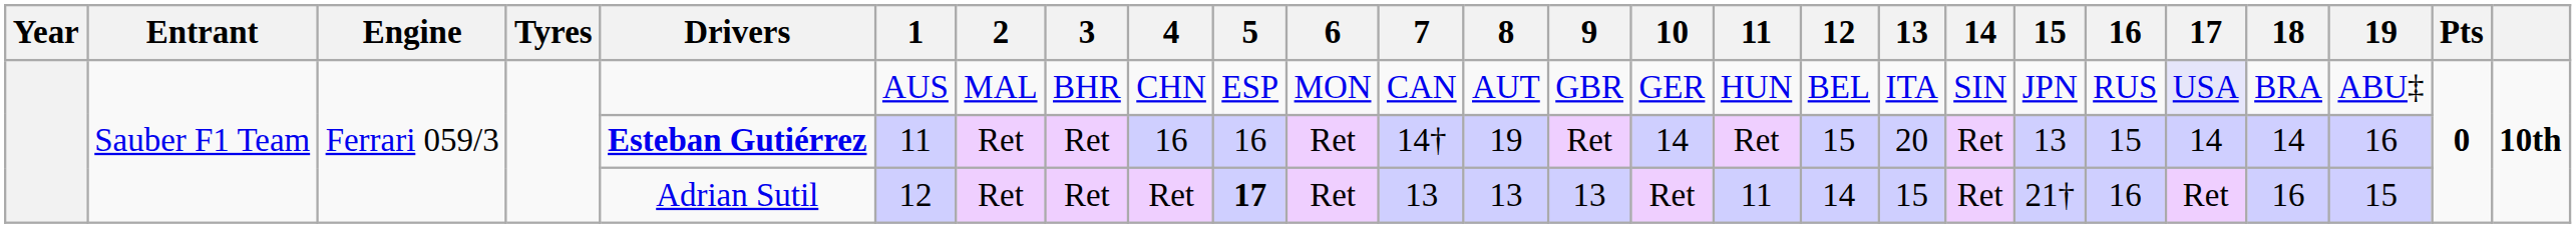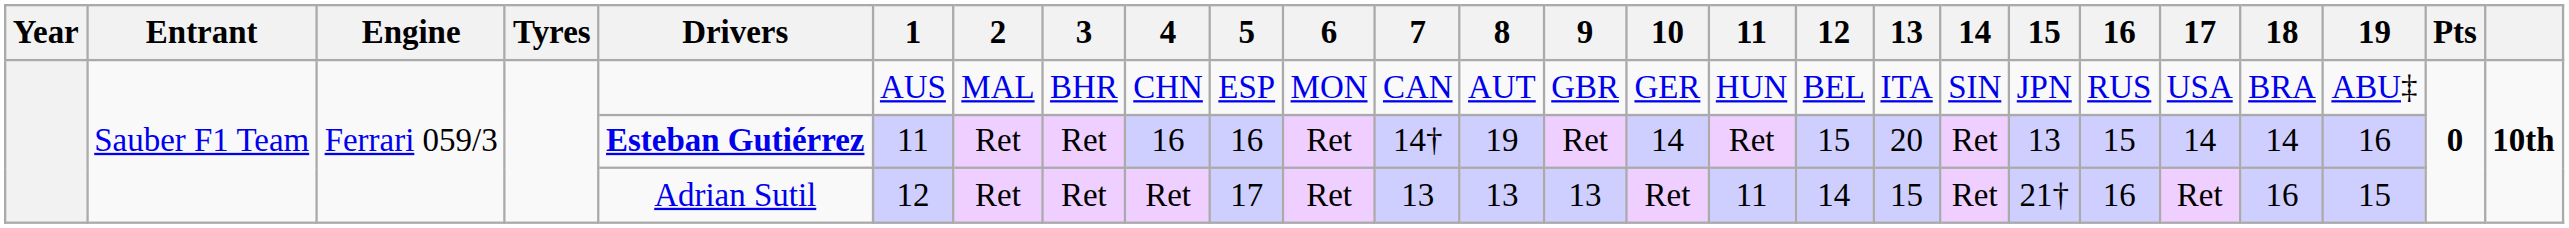 <table class="wikitable" style="text-align:center; font-size:90%">
 <tr>
 <th>Year</th>
 <th>Entrant</th>
 <th>Engine</th>
 <th>Tyres</th>
 <th>Drivers</th>
 <th>1</th>
 <th>2</th>
 <th>3</th>
 <th>4</th>
 <th>5</th>
 <th>6</th>
 <th>7</th>
 <th>8</th>
 <th>9</th>
 <th>10</th>
 <th>11</th>
 <th>12</th>
 <th>13</th>
 <th>14</th>
 <th>15</th>
 <th>16</th>
 <th>17</th>
 <th>18</th>
 <th>19</th>
 <th>Pts</th>
 <th></th>
 </tr>
 <tr>
 <th rowspan=3></th>
 <td rowspan=3><a href='#'>Sauber F1 Team</a></td>
 <td rowspan=3><a href='#'>Ferrari</a> 059/3</td>
 <td rowspan=3></td>
 <td></td>
 <td><a href='#'>AUS</a></td>
 <td><a href='#'>MAL</a></td>
 <td><a href='#'>BHR</a></td>
 <td><a href='#'>CHN</a></td>
 <td><a href='#'>ESP</a></td>
 <td><a href='#'>MON</a></td>
 <td><a href='#'>CAN</a></td>
 <td><a href='#'>AUT</a></td>
 <td><a href='#'>GBR</a></td>
 <td><a href='#'>GER</a></td>
 <td><a href='#'>HUN</a></td>
 <td><a href='#'>BEL</a></td>
 <td><a href='#'>ITA</a></td>
 <td><a href='#'>SIN</a></td>
 <td><a href='#'>JPN</a></td>
 <td><a href='#'>RUS</a></td>
-<td style="background: lavender;"><a href='#'>USA</a></td>
+<td><a href='#'>USA</a></td>
 <td><a href='#'>BRA</a></td>
 <td><a href='#'>ABU</a>‡</td>
 <td rowspan="3"><strong>0</strong></td>
 <td rowspan="3"><strong>10th</strong></td>
 </tr>
 <tr>
 <td align="center"><strong> <a href='#'>Esteban Gutiérrez</a></strong></td>
 <td style="background:#cfcfff;">11</td>
 <td style="background:#efcfff;">Ret</td>
 <td style="background:#efcfff;">Ret</td>
 <td style="background:#cfcfff;">16</td>
 <td style="background:#cfcfff;">16</td>
 <td style="background:#efcfff;">Ret</td>
 <td style="background:#cfcfff;">14†</td>
 <td style="background:#cfcfff;">19</td>
 <td style="background:#efcfff;">Ret</td>
 <td style="background:#cfcfff;">14</td>
 <td style="background:#efcfff;">Ret</td>
 <td style="background:#cfcfff;">15</td>
 <td style="background:#cfcfff;">20</td>
 <td style="background:#efcfff;">Ret</td>
 <td style="background:#cfcfff;">13</td>
 <td style="background:#cfcfff;">15</td>
 <td style="background:#cfcfff;">14</td>
 <td style="background:#cfcfff;">14</td>
 <td style="background:#cfcfff;">16</td>
 </tr>
 <tr>
 <td align="center"> <a href='#'>Adrian Sutil</a></td>
 <td style="background:#cfcfff;">12</td>
 <td style="background:#efcfff;">Ret</td>
 <td style="background:#efcfff;">Ret</td>
 <td style="background:#efcfff;">Ret</td>
-<td style="background:#cfcfff;"><strong>17</strong></td>
+<td style="background:#cfcfff;">17</td>
 <td style="background:#efcfff;">Ret</td>
 <td style="background:#cfcfff;">13</td>
 <td style="background:#cfcfff;">13</td>
 <td style="background:#cfcfff;">13</td>
 <td style="background:#efcfff;">Ret</td>
 <td style="background:#cfcfff;">11</td>
 <td style="background:#cfcfff;">14</td>
 <td style="background:#cfcfff;">15</td>
 <td style="background:#efcfff;">Ret</td>
 <td style="background:#cfcfff;">21†</td>
 <td style="background:#cfcfff;">16</td>
 <td style="background:#efcfff;">Ret</td>
 <td style="background:#cfcfff;">16</td>
 <td style="background:#cfcfff;">15</td>
 </tr>
 </table>
